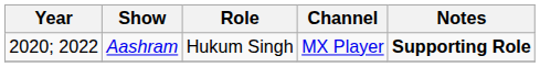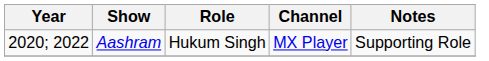 <table class = "wikitable sortable">
 <tr>
 <th>Year</th>
 <th>Show</th>
 <th>Role</th>
 <th>Channel</th>
 <th>Notes</th>
 </tr>
 <tr>
 <td>2020; 2022</td>
 <td><em><a href='#'>Aashram</a></em></td>
 <td>Hukum Singh</td>
 <td><a href='#'>MX Player</a></td>
-<td><strong>Supporting Role</strong></td>
+<td>Supporting Role</td>
 </tr>
 <tr>
 </tr>
 </table>
